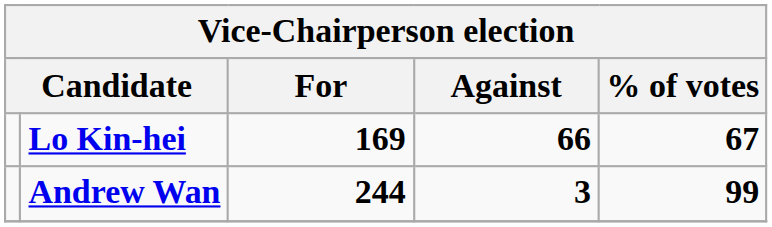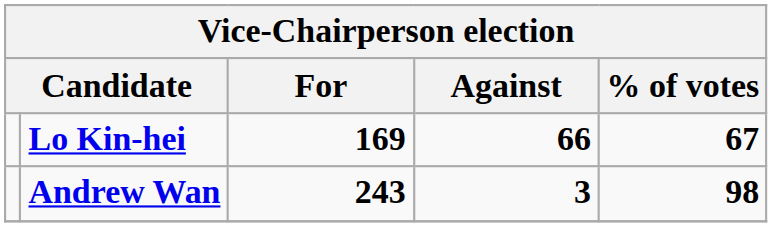 <table class="wikitable" style="text-align:right;">
 <tr>
 <th colspan=5>Vice-Chairperson election</th>
 </tr>
 <tr>
 <th colspan=2>Candidate</th>
 <th width=80px>For</th>
 <th width=80px>Against</th>
 <th>% of votes</th>
 </tr>
 <tr>
 <td></td>
 <td align=left><strong><a href='#'>Lo Kin-hei</a></strong></td>
 <td><strong>169</strong></td>
 <td><strong>66</strong></td>
 <td><strong>67</strong></td>
 </tr>
 <tr>
 <td></td>
 <td align=left><strong><a href='#'>Andrew Wan</a></strong></td>
-<td><strong>244</strong></td>
+<td><strong>243</strong></td>
 <td><strong>3</strong></td>
-<td><strong>99</strong></td>
+<td><strong>98</strong></td>
 </tr>
 <tr>
 </tr>
 </table>
